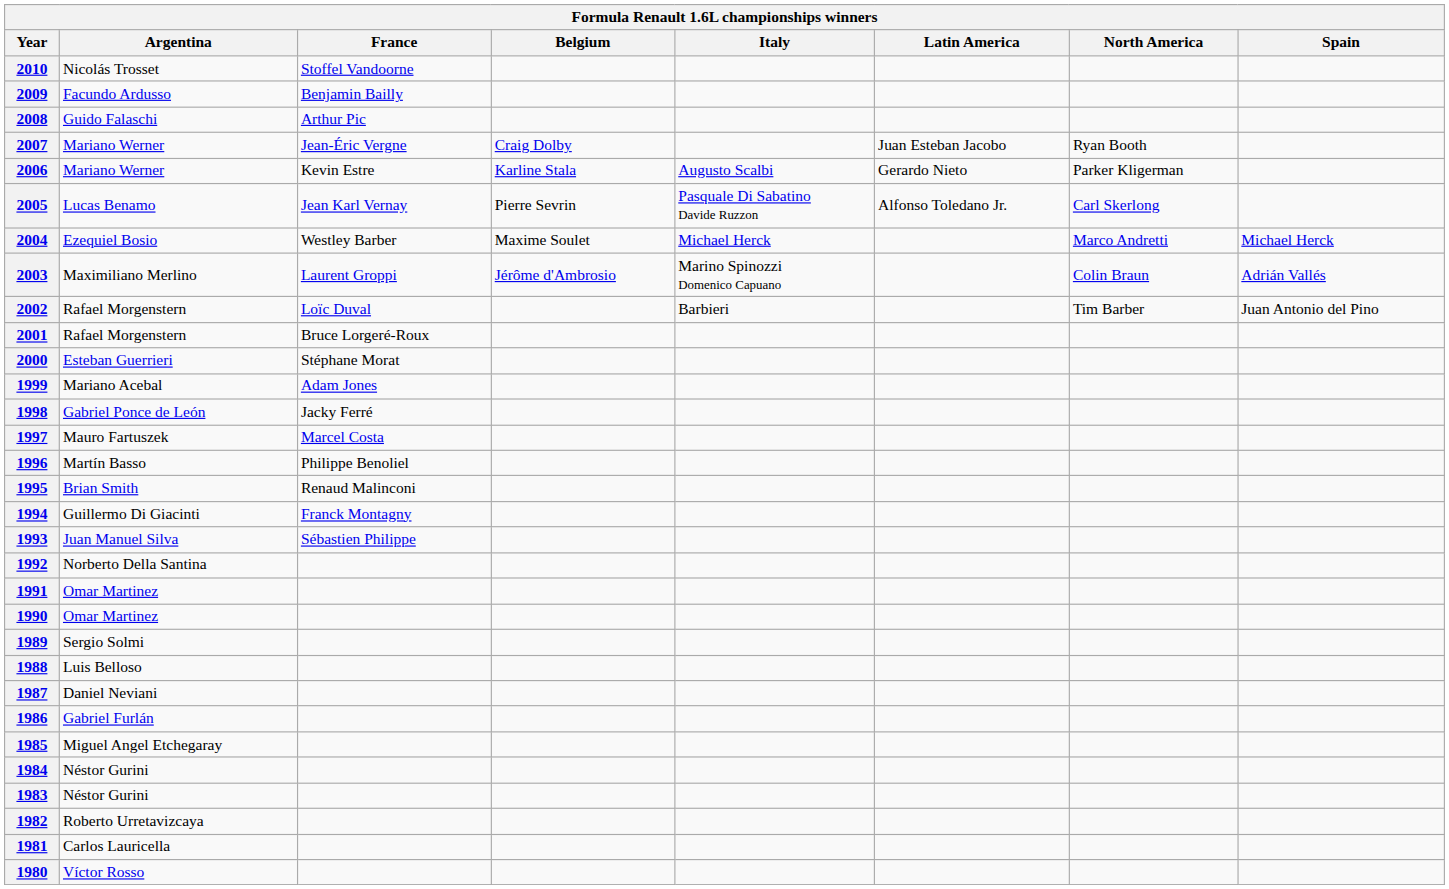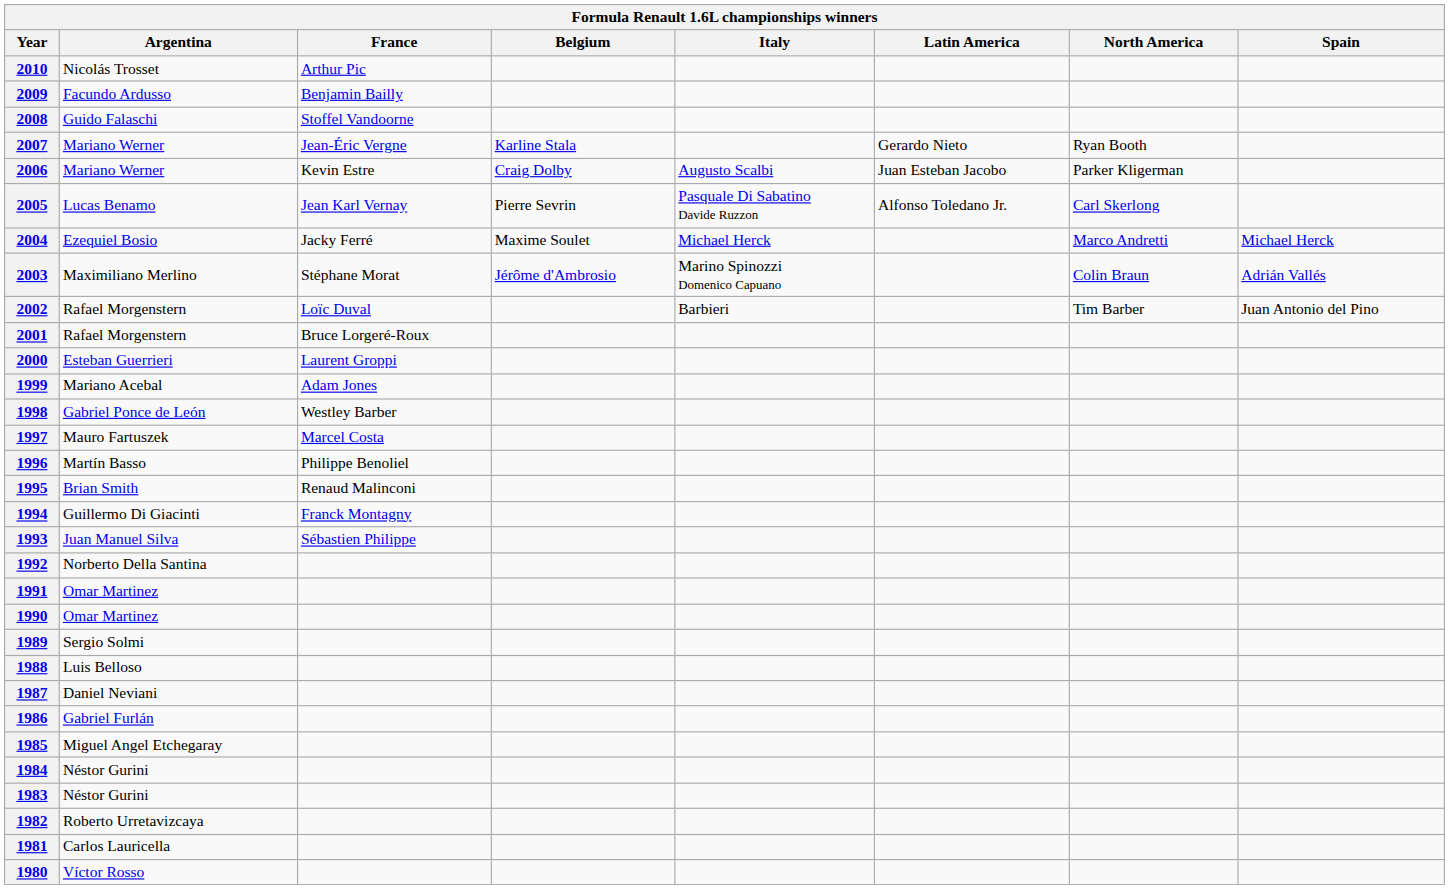 <table class="wikitable collapsible collapsed" style="font-size:85%; width:100%">
 <tr>
 <th colspan=10>Formula Renault 1.6L championships winners</th>
 </tr>
 <tr>
 <th>Year</th>
 <th> Argentina</th>
 <th> France</th>
 <th> Belgium</th>
 <th> Italy</th>
 <th>Latin America</th>
 <th> North America</th>
 <th> Spain</th>
 </tr>
 <tr>
 <th><a href='#'>2010</a></th>
 <td> Nicolás Trosset</td>
-<td> <a href='#'>Stoffel Vandoorne</a></td>
+<td> <a href='#'>Arthur Pic</a></td>
 <td></td>
 <td></td>
 <td></td>
 <td></td>
 <td></td>
 </tr>
 <tr>
 <th><a href='#'>2009</a></th>
 <td> <a href='#'>Facundo Ardusso</a></td>
 <td> <a href='#'>Benjamin Bailly</a></td>
 <td></td>
 <td></td>
 <td></td>
 <td></td>
 <td></td>
 </tr>
 <tr>
 <th><a href='#'>2008</a></th>
 <td> <a href='#'>Guido Falaschi</a></td>
-<td> <a href='#'>Arthur Pic</a></td>
+<td> <a href='#'>Stoffel Vandoorne</a></td>
 <td></td>
 <td></td>
 <td></td>
 <td></td>
 <td></td>
 </tr>
 <tr>
 <th><a href='#'>2007</a></th>
 <td> <a href='#'>Mariano Werner</a></td>
 <td> <a href='#'>Jean-Éric Vergne</a></td>
-<td> <a href='#'>Craig Dolby</a></td>
+<td> <a href='#'>Karline Stala</a></td>
 <td></td>
-<td> Juan Esteban Jacobo</td>
+<td> Gerardo Nieto</td>
 <td> Ryan Booth</td>
 <td></td>
 </tr>
 <tr>
 <th><a href='#'>2006</a></th>
 <td> <a href='#'>Mariano Werner</a></td>
 <td> Kevin Estre</td>
-<td> <a href='#'>Karline Stala</a></td>
+<td> <a href='#'>Craig Dolby</a></td>
 <td> <a href='#'>Augusto Scalbi</a></td>
-<td> Gerardo Nieto</td>
+<td> Juan Esteban Jacobo</td>
 <td> Parker Kligerman</td>
 <td></td>
 </tr>
 <tr>
 <th><a href='#'>2005</a></th>
 <td> <a href='#'>Lucas Benamo</a></td>
 <td> <a href='#'>Jean Karl Vernay</a></td>
 <td> Pierre Sevrin</td>
 <td> <a href='#'>Pasquale Di Sabatino</a><br><small> Davide Ruzzon</small></td>
 <td> Alfonso Toledano Jr.</td>
 <td> <a href='#'>Carl Skerlong</a></td>
 <td></td>
 </tr>
 <tr>
 <th><a href='#'>2004</a></th>
 <td> <a href='#'>Ezequiel Bosio</a></td>
-<td> Westley Barber</td>
+<td> Jacky Ferré</td>
 <td> Maxime Soulet</td>
 <td> <a href='#'>Michael Herck</a></td>
 <td></td>
 <td> <a href='#'>Marco Andretti</a></td>
 <td> <a href='#'>Michael Herck</a></td>
 </tr>
 <tr>
 <th><a href='#'>2003</a></th>
 <td> Maximiliano Merlino</td>
-<td> <a href='#'>Laurent Groppi</a></td>
+<td> Stéphane Morat</td>
 <td> <a href='#'>Jérôme d'Ambrosio</a></td>
 <td> Marino Spinozzi<br><small> Domenico Capuano</small></td>
 <td></td>
 <td> <a href='#'>Colin Braun</a></td>
 <td> <a href='#'>Adrián Vallés</a></td>
 </tr>
 <tr>
 <th><a href='#'>2002</a></th>
 <td> Rafael Morgenstern</td>
 <td> <a href='#'>Loïc Duval</a></td>
 <td></td>
 <td> Barbieri</td>
 <td></td>
 <td> Tim Barber</td>
 <td> Juan Antonio del Pino</td>
 </tr>
 <tr>
 <th><a href='#'>2001</a></th>
 <td> Rafael Morgenstern</td>
 <td> Bruce Lorgeré-Roux</td>
 <td></td>
 <td></td>
 <td></td>
 <td></td>
 <td></td>
 </tr>
 <tr>
 <th><a href='#'>2000</a></th>
 <td> <a href='#'>Esteban Guerrieri</a></td>
-<td> Stéphane Morat</td>
+<td> <a href='#'>Laurent Groppi</a></td>
 <td></td>
 <td></td>
 <td></td>
 <td></td>
 <td></td>
 </tr>
 <tr>
 <th><a href='#'>1999</a></th>
 <td> Mariano Acebal</td>
 <td> <a href='#'>Adam Jones</a></td>
 <td></td>
 <td></td>
 <td></td>
 <td></td>
 <td></td>
 </tr>
 <tr>
 <th><a href='#'>1998</a></th>
 <td> <a href='#'>Gabriel Ponce de León</a></td>
-<td> Jacky Ferré</td>
+<td> Westley Barber</td>
 <td></td>
 <td></td>
 <td></td>
 <td></td>
 <td></td>
 </tr>
 <tr>
 <th><a href='#'>1997</a></th>
 <td> Mauro Fartuszek</td>
 <td> <a href='#'>Marcel Costa</a></td>
 <td></td>
 <td></td>
 <td></td>
 <td></td>
 <td></td>
 </tr>
 <tr>
 <th><a href='#'>1996</a></th>
 <td> Martín Basso</td>
 <td> Philippe Benoliel</td>
 <td></td>
 <td></td>
 <td></td>
 <td></td>
 <td></td>
 </tr>
 <tr>
 <th><a href='#'>1995</a></th>
 <td> <a href='#'>Brian Smith</a></td>
 <td> Renaud Malinconi</td>
 <td></td>
 <td></td>
 <td></td>
 <td></td>
 <td></td>
 </tr>
 <tr>
 <th><a href='#'>1994</a></th>
 <td> Guillermo Di Giacinti</td>
 <td> <a href='#'>Franck Montagny</a></td>
 <td></td>
 <td></td>
 <td></td>
 <td></td>
 <td></td>
 </tr>
 <tr>
 <th><a href='#'>1993</a></th>
 <td> <a href='#'>Juan Manuel Silva</a></td>
 <td> <a href='#'>Sébastien Philippe</a></td>
 <td></td>
 <td></td>
 <td></td>
 <td></td>
 <td></td>
 </tr>
 <tr>
 <th><a href='#'>1992</a></th>
 <td> Norberto Della Santina</td>
 <td></td>
 <td></td>
 <td></td>
 <td></td>
 <td></td>
 <td></td>
 </tr>
 <tr>
 <th><a href='#'>1991</a></th>
 <td> <a href='#'>Omar Martinez</a></td>
 <td></td>
 <td></td>
 <td></td>
 <td></td>
 <td></td>
 <td></td>
 </tr>
 <tr>
 <th><a href='#'>1990</a></th>
 <td> <a href='#'>Omar Martinez</a></td>
 <td></td>
 <td></td>
 <td></td>
 <td></td>
 <td></td>
 <td></td>
 </tr>
 <tr>
 <th><a href='#'>1989</a></th>
 <td> Sergio Solmi</td>
 <td></td>
 <td></td>
 <td></td>
 <td></td>
 <td></td>
 <td></td>
 </tr>
 <tr>
 <th><a href='#'>1988</a></th>
 <td> Luis Belloso</td>
 <td></td>
 <td></td>
 <td></td>
 <td></td>
 <td></td>
 <td></td>
 </tr>
 <tr>
 <th><a href='#'>1987</a></th>
 <td> Daniel Neviani</td>
 <td></td>
 <td></td>
 <td></td>
 <td></td>
 <td></td>
 <td></td>
 </tr>
 <tr>
 <th><a href='#'>1986</a></th>
 <td> <a href='#'>Gabriel Furlán</a></td>
 <td></td>
 <td></td>
 <td></td>
 <td></td>
 <td></td>
 <td></td>
 </tr>
 <tr>
 <th><a href='#'>1985</a></th>
 <td> Miguel Angel Etchegaray</td>
 <td></td>
 <td></td>
 <td></td>
 <td></td>
 <td></td>
 <td></td>
 </tr>
 <tr>
 <th><a href='#'>1984</a></th>
 <td> Néstor Gurini</td>
 <td></td>
 <td></td>
 <td></td>
 <td></td>
 <td></td>
 <td></td>
 </tr>
 <tr>
 <th><a href='#'>1983</a></th>
 <td> Néstor Gurini</td>
 <td></td>
 <td></td>
 <td></td>
 <td></td>
 <td></td>
 <td></td>
 </tr>
 <tr>
 <th><a href='#'>1982</a></th>
 <td> Roberto Urretavizcaya</td>
 <td></td>
 <td></td>
 <td></td>
 <td></td>
 <td></td>
 <td></td>
 </tr>
 <tr>
 <th><a href='#'>1981</a></th>
 <td> Carlos Lauricella</td>
 <td></td>
 <td></td>
 <td></td>
 <td></td>
 <td></td>
 <td></td>
 </tr>
 <tr>
 <th><a href='#'>1980</a></th>
 <td> <a href='#'>Víctor Rosso</a></td>
 <td></td>
 <td></td>
 <td></td>
 <td></td>
 <td></td>
 <td></td>
 </tr>
 </table>
